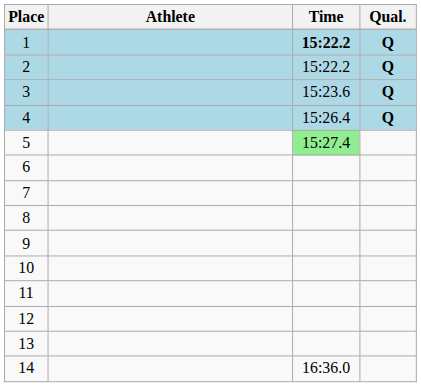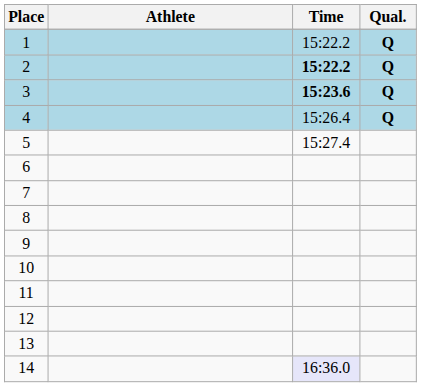 <table class=wikitable style="text-align:center">
 <tr>
 <th width=20>Place</th>
 <th width=240>Athlete</th>
 <th width=60>Time</th>
 <th width=50>Qual.</th>
 </tr>
 <tr>
 </tr>
 <tr bgcolor=lightblue>
 <td>1</td>
 <td align=left></td>
-<td><strong>15:22.2</strong></td>
+<td>15:22.2</td>
 <td><strong>Q</strong></td>
 </tr>
 <tr bgcolor=lightblue>
 <td>2</td>
 <td align=left></td>
-<td>15:22.2</td>
+<td><strong>15:22.2</strong></td>
 <td><strong>Q</strong></td>
 </tr>
 <tr bgcolor=lightblue>
 <td>3</td>
 <td align=left></td>
-<td>15:23.6</td>
+<td><strong>15:23.6</strong></td>
 <td><strong>Q</strong></td>
 </tr>
 <tr bgcolor=lightblue>
 <td>4</td>
 <td align=left></td>
 <td>15:26.4</td>
 <td><strong>Q</strong></td>
 </tr>
 <tr>
 <td>5</td>
 <td align=left></td>
-<td style="background: lightgreen;">15:27.4</td>
+<td>15:27.4</td>
 <td></td>
 </tr>
 <tr>
 <td>6</td>
 <td align=left></td>
 <td></td>
 <td></td>
 </tr>
 <tr>
 <td>7</td>
 <td align=left></td>
 <td></td>
 <td></td>
 </tr>
 <tr>
 <td>8</td>
 <td align=left></td>
 <td></td>
 <td></td>
 </tr>
 <tr>
 <td>9</td>
 <td align=left></td>
 <td></td>
 <td></td>
 </tr>
 <tr>
 <td>10</td>
 <td align=left></td>
 <td></td>
 <td></td>
 </tr>
 <tr>
 <td>11</td>
 <td align=left></td>
 <td></td>
 <td></td>
 </tr>
 <tr>
 <td>12</td>
 <td align=left></td>
 <td></td>
 <td></td>
 </tr>
 <tr>
 <td>13</td>
 <td align=left></td>
 <td></td>
 <td></td>
 </tr>
 <tr>
 <td>14</td>
 <td align=left></td>
-<td>16:36.0</td>
+<td style="background: lavender;">16:36.0</td>
 <td></td>
 </tr>
 </table>
